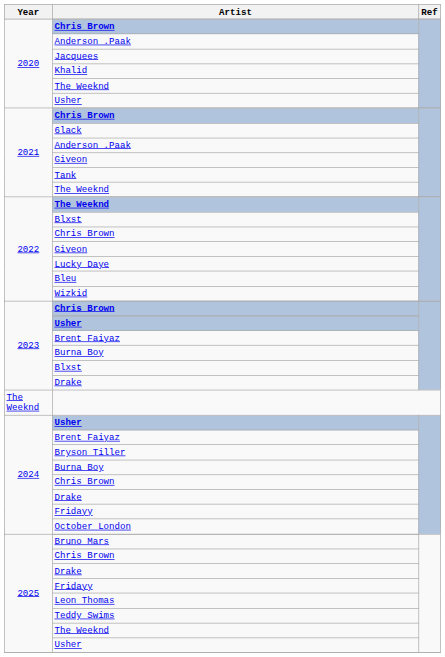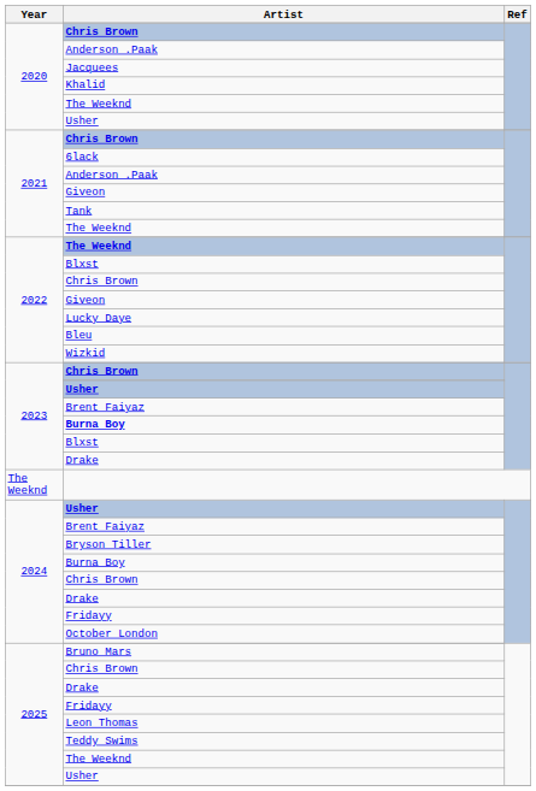 <table class="wikitable" style="width:100%;">
 <tr style="background:#bebebe;">
 <th style="width:11%;">Year</th>
 <th style="width:84%;">Artist</th>
 <th style="width:5%;">Ref</th>
 </tr>
 <tr>
 <td rowspan="7" align="center"><a href='#'>2020</a></td>
 </tr>
 <tr style="background:#B0C4DE">
 <td><strong><a href='#'>Chris Brown</a></strong></td>
 <td rowspan="6" align="center"></td>
 </tr>
 <tr>
 <td><a href='#'>Anderson .Paak</a></td>
 </tr>
 <tr>
 <td><a href='#'>Jacquees</a></td>
 </tr>
 <tr>
 <td><a href='#'>Khalid</a></td>
 </tr>
 <tr>
 <td><a href='#'>The Weeknd</a></td>
 </tr>
 <tr>
 <td><a href='#'>Usher</a></td>
 </tr>
 <tr>
 <td rowspan="7" align="center"><a href='#'>2021</a></td>
 </tr>
 <tr style="background:#B0C4DE">
 <td><strong><a href='#'>Chris Brown</a></strong></td>
 <td rowspan="6" align="center"></td>
 </tr>
 <tr>
 <td><a href='#'>6lack</a></td>
 </tr>
 <tr>
 <td><a href='#'>Anderson .Paak</a></td>
 </tr>
 <tr>
 <td><a href='#'>Giveon</a></td>
 </tr>
 <tr>
 <td><a href='#'>Tank</a></td>
 </tr>
 <tr>
 <td><a href='#'>The Weeknd</a></td>
 </tr>
 <tr>
 <td rowspan="8" align="center"><a href='#'>2022</a></td>
 </tr>
 <tr style="background:#B0C4DE">
 <td><strong><a href='#'>The Weeknd</a></strong></td>
 <td rowspan="7" align="center"></td>
 </tr>
 <tr>
 <td><a href='#'>Blxst</a></td>
 </tr>
 <tr>
 <td><a href='#'>Chris Brown</a></td>
 </tr>
 <tr>
 <td><a href='#'>Giveon</a></td>
 </tr>
 <tr>
 <td><a href='#'>Lucky Daye</a></td>
 </tr>
 <tr>
 <td><a href='#'>Bleu</a></td>
 </tr>
 <tr>
 <td><a href='#'>Wizkid</a></td>
 </tr>
 <tr>
 <td rowspan="8" align="center"><a href='#'>2023</a></td>
 </tr>
 <tr style="background:#B0C4DE">
 <td><strong><a href='#'>Chris Brown</a></strong></td>
 <td rowspan="7" align="center"></td>
 </tr>
 <tr>
 </tr>
 <tr style="background:#B0C4DE">
 <td><strong><a href='#'>Usher</a></strong></td>
 </tr>
 <tr>
 <td><a href='#'>Brent Faiyaz</a></td>
 </tr>
 <tr>
-<td><a href='#'>Burna Boy</a></td>
+<td><strong><a href='#'>Burna Boy</a></strong></td>
 </tr>
 <tr>
 <td><a href='#'>Blxst</a></td>
 </tr>
 <tr>
 <td><a href='#'>Drake</a></td>
 </tr>
 <tr>
 <td><a href='#'>The Weeknd</a></td>
 </tr>
 <tr>
 <td rowspan="9" align="center"><a href='#'>2024</a></td>
 </tr>
 <tr style="background:#B0C4DE">
 <td><strong><a href='#'>Usher</a></strong></td>
 <td rowspan="9" align="center"></td>
 </tr>
 <tr>
 <td><a href='#'>Brent Faiyaz</a></td>
 </tr>
 <tr>
 <td><a href='#'>Bryson Tiller</a></td>
 </tr>
 <tr>
 <td><a href='#'>Burna Boy</a></td>
 </tr>
 <tr>
 <td><a href='#'>Chris Brown</a></td>
 </tr>
 <tr>
 <td><a href='#'>Drake</a></td>
 </tr>
 <tr>
 <td><a href='#'>Fridayy</a></td>
 </tr>
 <tr>
 <td><a href='#'>October London</a></td>
 </tr>
 <tr>
 <td rowspan="9" align="center"><a href='#'>2025</a></td>
 </tr>
 <tr>
 <td><a href='#'>Bruno Mars</a></td>
 <td rowspan="8" align="center"></td>
 </tr>
 <tr>
 <td><a href='#'>Chris Brown</a></td>
 </tr>
 <tr>
 <td><a href='#'>Drake</a></td>
 </tr>
 <tr>
 <td><a href='#'>Fridayy</a></td>
 </tr>
 <tr>
 <td><a href='#'>Leon Thomas</a></td>
 </tr>
 <tr>
 <td><a href='#'>Teddy Swims</a></td>
 </tr>
 <tr>
 <td><a href='#'>The Weeknd</a></td>
 </tr>
 <tr>
 <td><a href='#'>Usher</a></td>
 </tr>
 <tr>
 </tr>
 </table>
